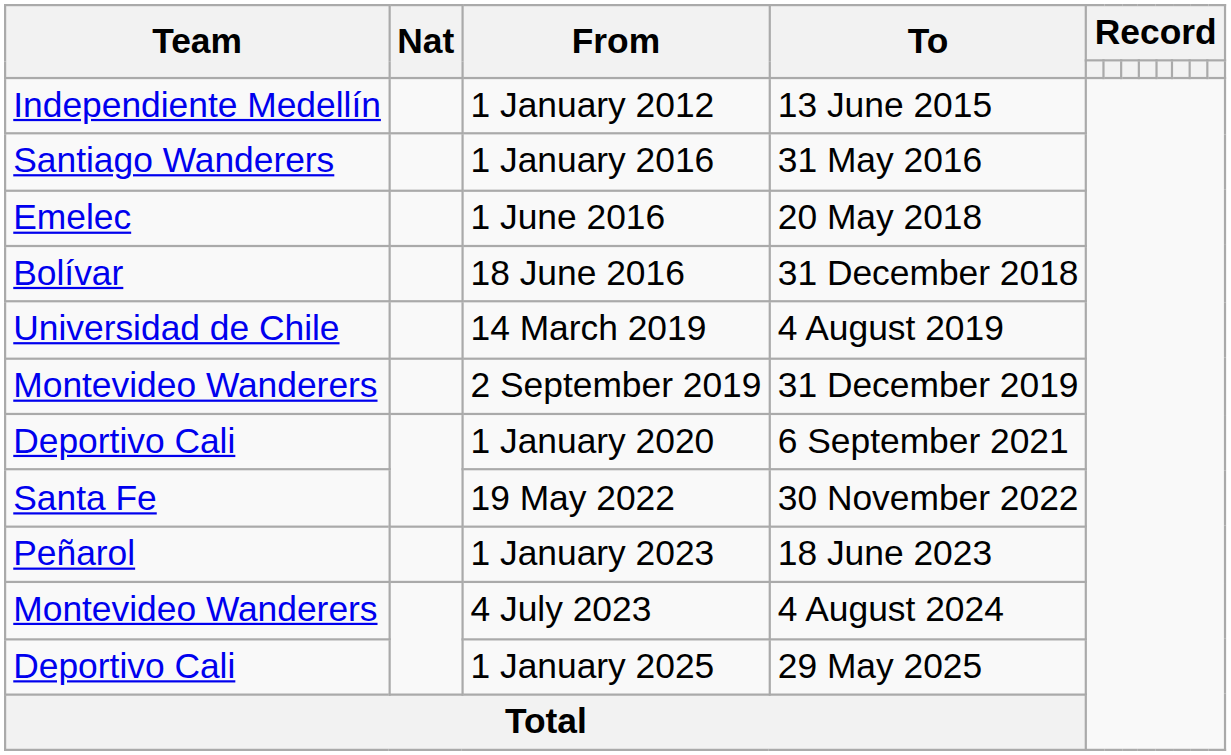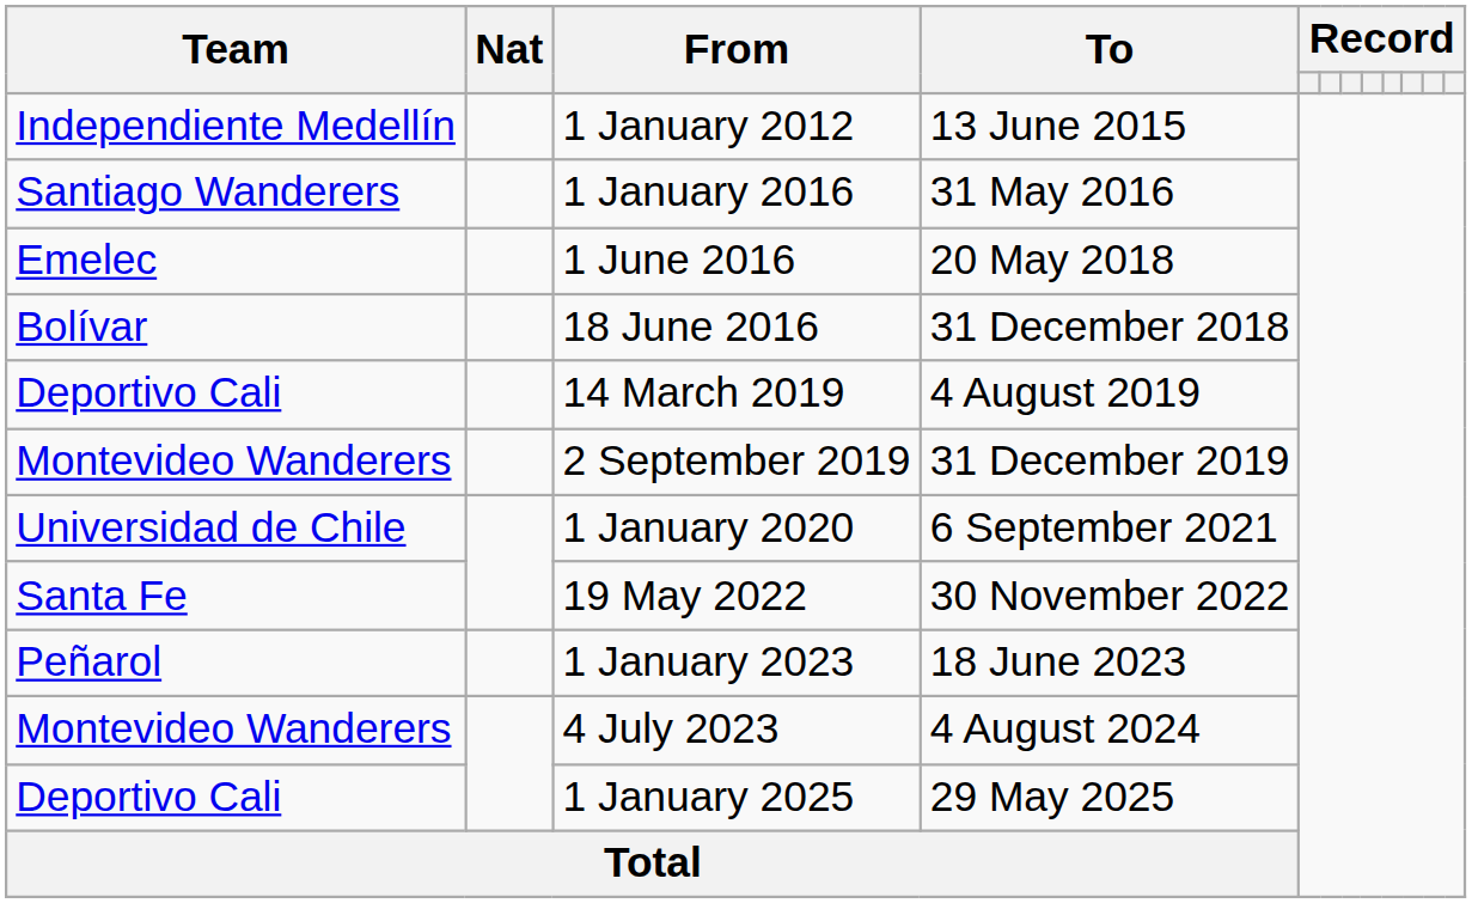 <table class="wikitable" style="text-align: center">
 <tr>
 <th rowspan="2">Team</th>
 <th rowspan="2">Nat</th>
 <th rowspan="2">From</th>
 <th rowspan="2">To</th>
 <th colspan="8">Record</th>
 </tr>
 <tr>
 <th></th>
 <th></th>
 <th></th>
 <th></th>
 <th></th>
 <th></th>
 <th></th>
 <th></th>
 </tr>
 <tr>
 <td align=left><a href='#'>Independiente Medellín</a></td>
 <td></td>
 <td align=left>1 January 2012</td>
 <td align=left>13 June 2015<br></td>
 </tr>
 <tr>
 <td align=left><a href='#'>Santiago Wanderers</a></td>
 <td></td>
 <td align=left>1 January 2016</td>
 <td align=left>31 May 2016<br></td>
 </tr>
 <tr>
 <td align=left><a href='#'>Emelec</a></td>
 <td></td>
 <td align=left>1 June 2016</td>
 <td align=left>20 May 2018<br></td>
 </tr>
 <tr>
 <td align=left><a href='#'>Bolívar</a></td>
 <td></td>
 <td align=left>18 June 2016</td>
 <td align=left>31 December 2018<br></td>
 </tr>
 <tr>
-<td align=left><a href='#'>Universidad de Chile</a></td>
+<td align=left><a href='#'>Deportivo Cali</a></td>
 <td></td>
 <td align=left>14 March 2019</td>
 <td align=left>4 August 2019<br></td>
 </tr>
 <tr>
 <td align=left><a href='#'>Montevideo Wanderers</a></td>
 <td></td>
 <td align=left>2 September 2019</td>
 <td align=left>31 December 2019<br></td>
 </tr>
 <tr>
-<td align=left><a href='#'>Deportivo Cali</a></td>
+<td align=left><a href='#'>Universidad de Chile</a></td>
 <td rowspan="2"></td>
 <td align=left>1 January 2020</td>
 <td align=left>6 September 2021<br></td>
 </tr>
 <tr>
 <td align=left><a href='#'>Santa Fe</a></td>
 <td align=left>19 May 2022</td>
 <td align=left>30 November 2022<br></td>
 </tr>
 <tr>
 <td align=left><a href='#'>Peñarol</a></td>
 <td></td>
 <td align=left>1 January 2023</td>
 <td align=left>18 June 2023<br></td>
 </tr>
 <tr>
 <td align=left><a href='#'>Montevideo Wanderers</a></td>
 <td rowspan="2"></td>
 <td align=left>4 July 2023</td>
 <td align=left>4 August 2024<br></td>
 </tr>
 <tr>
 <td align=left><a href='#'>Deportivo Cali</a></td>
 <td align=left>1 January 2025</td>
 <td align=left>29 May 2025<br></td>
 </tr>
 <tr align=center>
 <th colspan="4">Total<br></th>
 </tr>
 </table>
